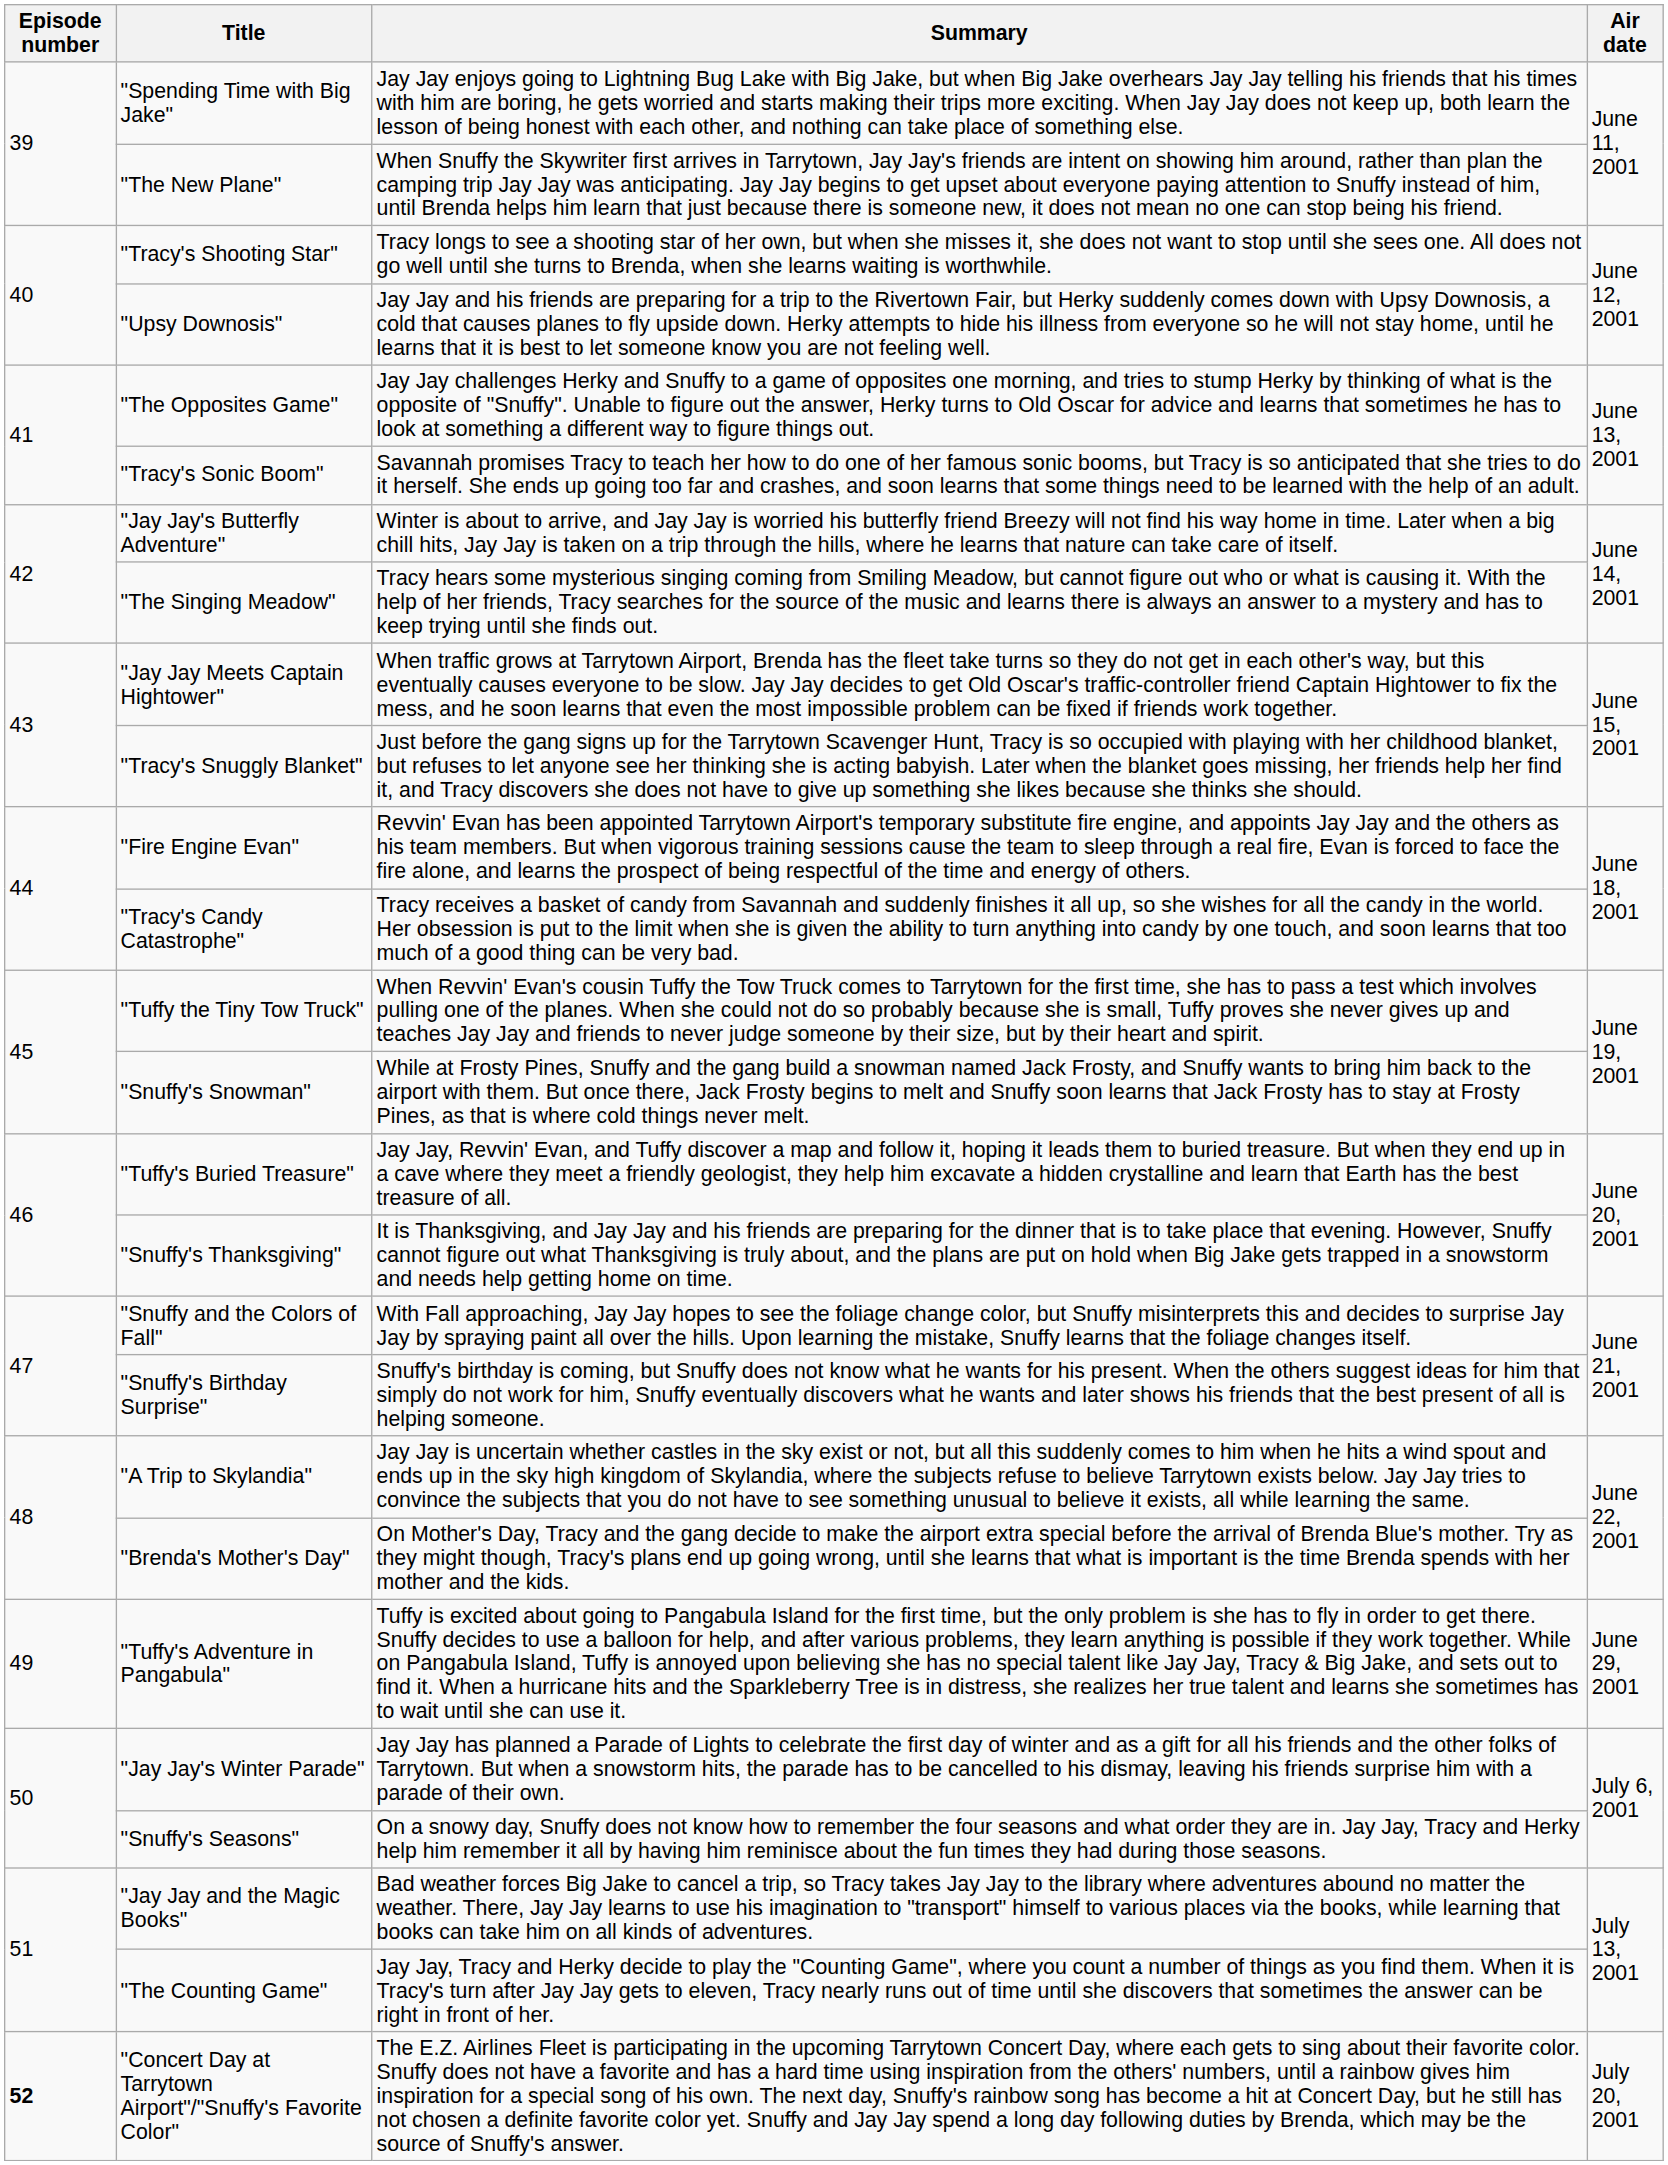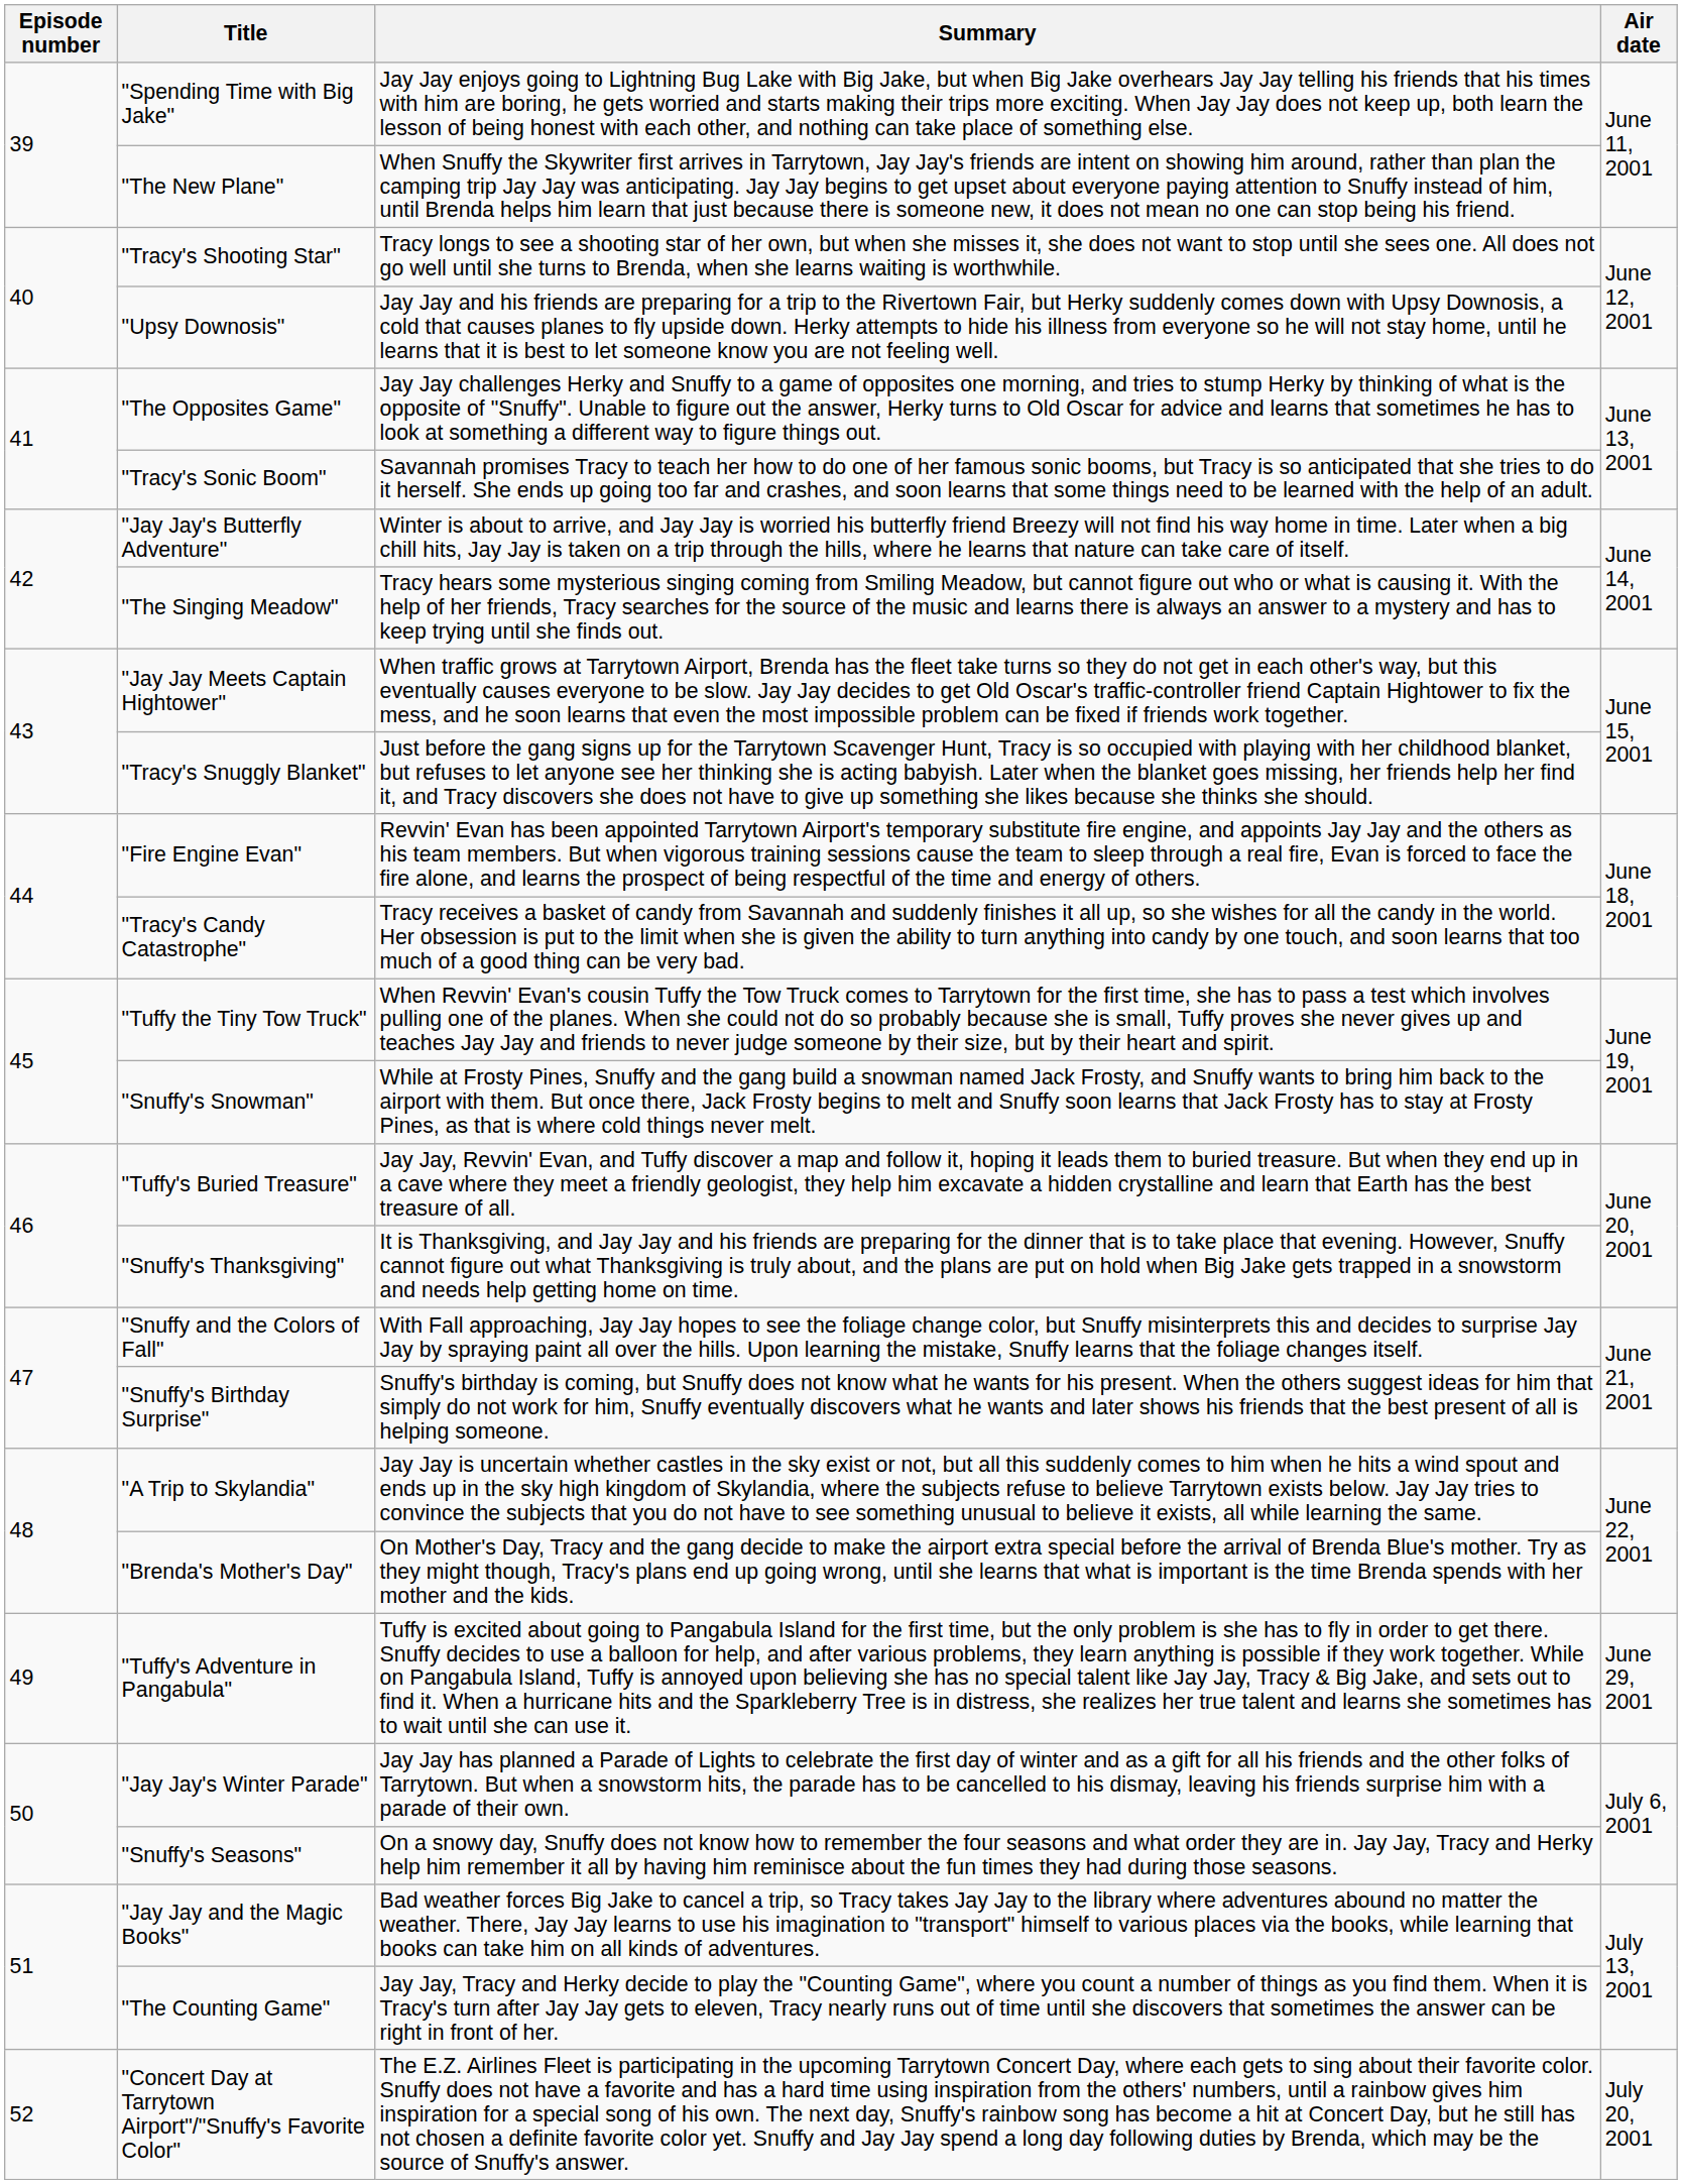 <table class="wikitable">
 <tr>
 <th>Episode number</th>
 <th>Title</th>
 <th>Summary</th>
 <th>Air date</th>
 </tr>
 <tr>
 <td rowspan="2">39</td>
 <td>"Spending Time with Big Jake"</td>
 <td>Jay Jay enjoys going to Lightning Bug Lake with Big Jake, but when Big Jake overhears Jay Jay telling his friends that his times with him are boring, he gets worried and starts making their trips more exciting. When Jay Jay does not keep up, both learn the lesson of being honest with each other, and nothing can take place of something else.</td>
 <td rowspan="2">June 11, 2001</td>
 </tr>
 <tr>
 <td>"The New Plane"</td>
 <td>When Snuffy the Skywriter first arrives in Tarrytown, Jay Jay's friends are intent on showing him around, rather than plan the camping trip Jay Jay was anticipating. Jay Jay begins to get upset about everyone paying attention to Snuffy instead of him, until Brenda helps him learn that just because there is someone new, it does not mean no one can stop being his friend.</td>
 </tr>
 <tr>
 <td rowspan="2">40</td>
 <td>"Tracy's Shooting Star"</td>
 <td>Tracy longs to see a shooting star of her own, but when she misses it, she does not want to stop until she sees one. All does not go well until she turns to Brenda, when she learns waiting is worthwhile.</td>
 <td rowspan="2">June 12, 2001</td>
 </tr>
 <tr>
 <td>"Upsy Downosis"</td>
 <td>Jay Jay and his friends are preparing for a trip to the Rivertown Fair, but Herky suddenly comes down with Upsy Downosis, a cold that causes planes to fly upside down. Herky attempts to hide his illness from everyone so he will not stay home, until he learns that it is best to let someone know you are not feeling well.</td>
 </tr>
 <tr>
 <td rowspan="2">41</td>
 <td>"The Opposites Game"</td>
 <td>Jay Jay challenges Herky and Snuffy to a game of opposites one morning, and tries to stump Herky by thinking of what is the opposite of "Snuffy". Unable to figure out the answer, Herky turns to Old Oscar for advice and learns that sometimes he has to look at something a different way to figure things out.</td>
 <td rowspan="2">June 13, 2001</td>
 </tr>
 <tr>
 <td>"Tracy's Sonic Boom"</td>
 <td>Savannah promises Tracy to teach her how to do one of her famous sonic booms, but Tracy is so anticipated that she tries to do it herself. She ends up going too far and crashes, and soon learns that some things need to be learned with the help of an adult.</td>
 </tr>
 <tr>
 <td rowspan="2">42</td>
 <td>"Jay Jay's Butterfly Adventure"</td>
 <td>Winter is about to arrive, and Jay Jay is worried his butterfly friend Breezy will not find his way home in time. Later when a big chill hits, Jay Jay is taken on a trip through the hills, where he learns that nature can take care of itself.</td>
 <td rowspan="2">June 14, 2001</td>
 </tr>
 <tr>
 <td>"The Singing Meadow"</td>
 <td>Tracy hears some mysterious singing coming from Smiling Meadow, but cannot figure out who or what is causing it. With the help of her friends, Tracy searches for the source of the music and learns there is always an answer to a mystery and has to keep trying until she finds out.</td>
 </tr>
 <tr>
 <td rowspan="2">43</td>
 <td>"Jay Jay Meets Captain Hightower"</td>
 <td>When traffic grows at Tarrytown Airport, Brenda has the fleet take turns so they do not get in each other's way, but this eventually causes everyone to be slow. Jay Jay decides to get Old Oscar's traffic-controller friend Captain Hightower to fix the mess, and he soon learns that even the most impossible problem can be fixed if friends work together.</td>
 <td rowspan="2">June 15, 2001</td>
 </tr>
 <tr>
 <td>"Tracy's Snuggly Blanket"</td>
 <td>Just before the gang signs up for the Tarrytown Scavenger Hunt, Tracy is so occupied with playing with her childhood blanket, but refuses to let anyone see her thinking she is acting babyish. Later when the blanket goes missing, her friends help her find it, and Tracy discovers she does not have to give up something she likes because she thinks she should.</td>
 </tr>
 <tr>
 <td rowspan="2">44</td>
 <td>"Fire Engine Evan"</td>
 <td>Revvin' Evan has been appointed Tarrytown Airport's temporary substitute fire engine, and appoints Jay Jay and the others as his team members. But when vigorous training sessions cause the team to sleep through a real fire, Evan is forced to face the fire alone, and learns the prospect of being respectful of the time and energy of others.</td>
 <td rowspan="2">June 18, 2001</td>
 </tr>
 <tr>
 <td>"Tracy's Candy Catastrophe"</td>
 <td>Tracy receives a basket of candy from Savannah and suddenly finishes it all up, so she wishes for all the candy in the world. Her obsession is put to the limit when she is given the ability to turn anything into candy by one touch, and soon learns that too much of a good thing can be very bad.</td>
 </tr>
 <tr>
 <td rowspan="2">45</td>
 <td>"Tuffy the Tiny Tow Truck"</td>
 <td>When Revvin' Evan's cousin Tuffy the Tow Truck comes to Tarrytown for the first time, she has to pass a test which involves pulling one of the planes. When she could not do so probably because she is small, Tuffy proves she never gives up and teaches Jay Jay and friends to never judge someone by their size, but by their heart and spirit.</td>
 <td rowspan="2">June 19, 2001</td>
 </tr>
 <tr>
 <td>"Snuffy's Snowman"</td>
 <td>While at Frosty Pines, Snuffy and the gang build a snowman named Jack Frosty, and Snuffy wants to bring him back to the airport with them. But once there, Jack Frosty begins to melt and Snuffy soon learns that Jack Frosty has to stay at Frosty Pines, as that is where cold things never melt.</td>
 </tr>
 <tr>
 <td rowspan="2">46</td>
 <td>"Tuffy's Buried Treasure"</td>
 <td>Jay Jay, Revvin' Evan, and Tuffy discover a map and follow it, hoping it leads them to buried treasure. But when they end up in a cave where they meet a friendly geologist, they help him excavate a hidden crystalline and learn that Earth has the best treasure of all.</td>
 <td rowspan="2">June 20, 2001</td>
 </tr>
 <tr>
 <td>"Snuffy's Thanksgiving"</td>
 <td>It is Thanksgiving, and Jay Jay and his friends are preparing for the dinner that is to take place that evening. However, Snuffy cannot figure out what Thanksgiving is truly about, and the plans are put on hold when Big Jake gets trapped in a snowstorm and needs help getting home on time.</td>
 </tr>
 <tr>
 <td rowspan="2">47</td>
 <td>"Snuffy and the Colors of Fall"</td>
 <td>With Fall approaching, Jay Jay hopes to see the foliage change color, but Snuffy misinterprets this and decides to surprise Jay Jay by spraying paint all over the hills. Upon learning the mistake, Snuffy learns that the foliage changes itself.</td>
 <td rowspan="2">June 21, 2001</td>
 </tr>
 <tr>
 <td>"Snuffy's Birthday Surprise"</td>
 <td>Snuffy's birthday is coming, but Snuffy does not know what he wants for his present. When the others suggest ideas for him that simply do not work for him, Snuffy eventually discovers what he wants and later shows his friends that the best present of all is helping someone.</td>
 </tr>
 <tr>
 <td rowspan="2">48</td>
 <td>"A Trip to Skylandia"</td>
 <td>Jay Jay is uncertain whether castles in the sky exist or not, but all this suddenly comes to him when he hits a wind spout and ends up in the sky high kingdom of Skylandia, where the subjects refuse to believe Tarrytown exists below. Jay Jay tries to convince the subjects that you do not have to see something unusual to believe it exists, all while learning the same.</td>
 <td rowspan="2">June 22, 2001</td>
 </tr>
 <tr>
 <td>"Brenda's Mother's Day"</td>
 <td>On Mother's Day, Tracy and the gang decide to make the airport extra special before the arrival of Brenda Blue's mother. Try as they might though, Tracy's plans end up going wrong, until she learns that what is important is the time Brenda spends with her mother and the kids.</td>
 </tr>
 <tr>
 <td>49</td>
 <td>"Tuffy's Adventure in Pangabula"</td>
 <td>Tuffy is excited about going to Pangabula Island for the first time, but the only problem is she has to fly in order to get there. Snuffy decides to use a balloon for help, and after various problems, they learn anything is possible if they work together. While on Pangabula Island, Tuffy is annoyed upon believing she has no special talent like Jay Jay, Tracy & Big Jake, and sets out to find it. When a hurricane hits and the Sparkleberry Tree is in distress, she realizes her true talent and learns she sometimes has to wait until she can use it.</td>
 <td>June 29, 2001</td>
 </tr>
 <tr>
 <td rowspan="2">50</td>
 <td>"Jay Jay's Winter Parade"</td>
 <td>Jay Jay has planned a Parade of Lights to celebrate the first day of winter and as a gift for all his friends and the other folks of Tarrytown. But when a snowstorm hits, the parade has to be cancelled to his dismay, leaving his friends surprise him with a parade of their own.</td>
 <td rowspan="2">July 6, 2001</td>
 </tr>
 <tr>
 <td>"Snuffy's Seasons"</td>
 <td>On a snowy day, Snuffy does not know how to remember the four seasons and what order they are in. Jay Jay, Tracy and Herky help him remember it all by having him reminisce about the fun times they had during those seasons.</td>
 </tr>
 <tr>
 <td rowspan="2">51</td>
 <td>"Jay Jay and the Magic Books"</td>
 <td>Bad weather forces Big Jake to cancel a trip, so Tracy takes Jay Jay to the library where adventures abound no matter the weather. There, Jay Jay learns to use his imagination to "transport" himself to various places via the books, while learning that books can take him on all kinds of adventures.</td>
 <td rowspan="2">July 13, 2001</td>
 </tr>
 <tr>
 <td>"The Counting Game"</td>
 <td>Jay Jay, Tracy and Herky decide to play the "Counting Game", where you count a number of things as you find them. When it is Tracy's turn after Jay Jay gets to eleven, Tracy nearly runs out of time until she discovers that sometimes the answer can be right in front of her.</td>
 </tr>
 <tr>
-<td><strong>52</strong></td>
+<td>52</td>
 <td>"Concert Day at Tarrytown Airport"/"Snuffy's Favorite Color"</td>
 <td>The E.Z. Airlines Fleet is participating in the upcoming Tarrytown Concert Day, where each gets to sing about their favorite color. Snuffy does not have a favorite and has a hard time using inspiration from the others' numbers, until a rainbow gives him inspiration for a special song of his own. The next day, Snuffy's rainbow song has become a hit at Concert Day, but he still has not chosen a definite favorite color yet. Snuffy and Jay Jay spend a long day following duties by Brenda, which may be the source of Snuffy's answer.</td>
 <td>July 20, 2001</td>
 </tr>
 </table>
